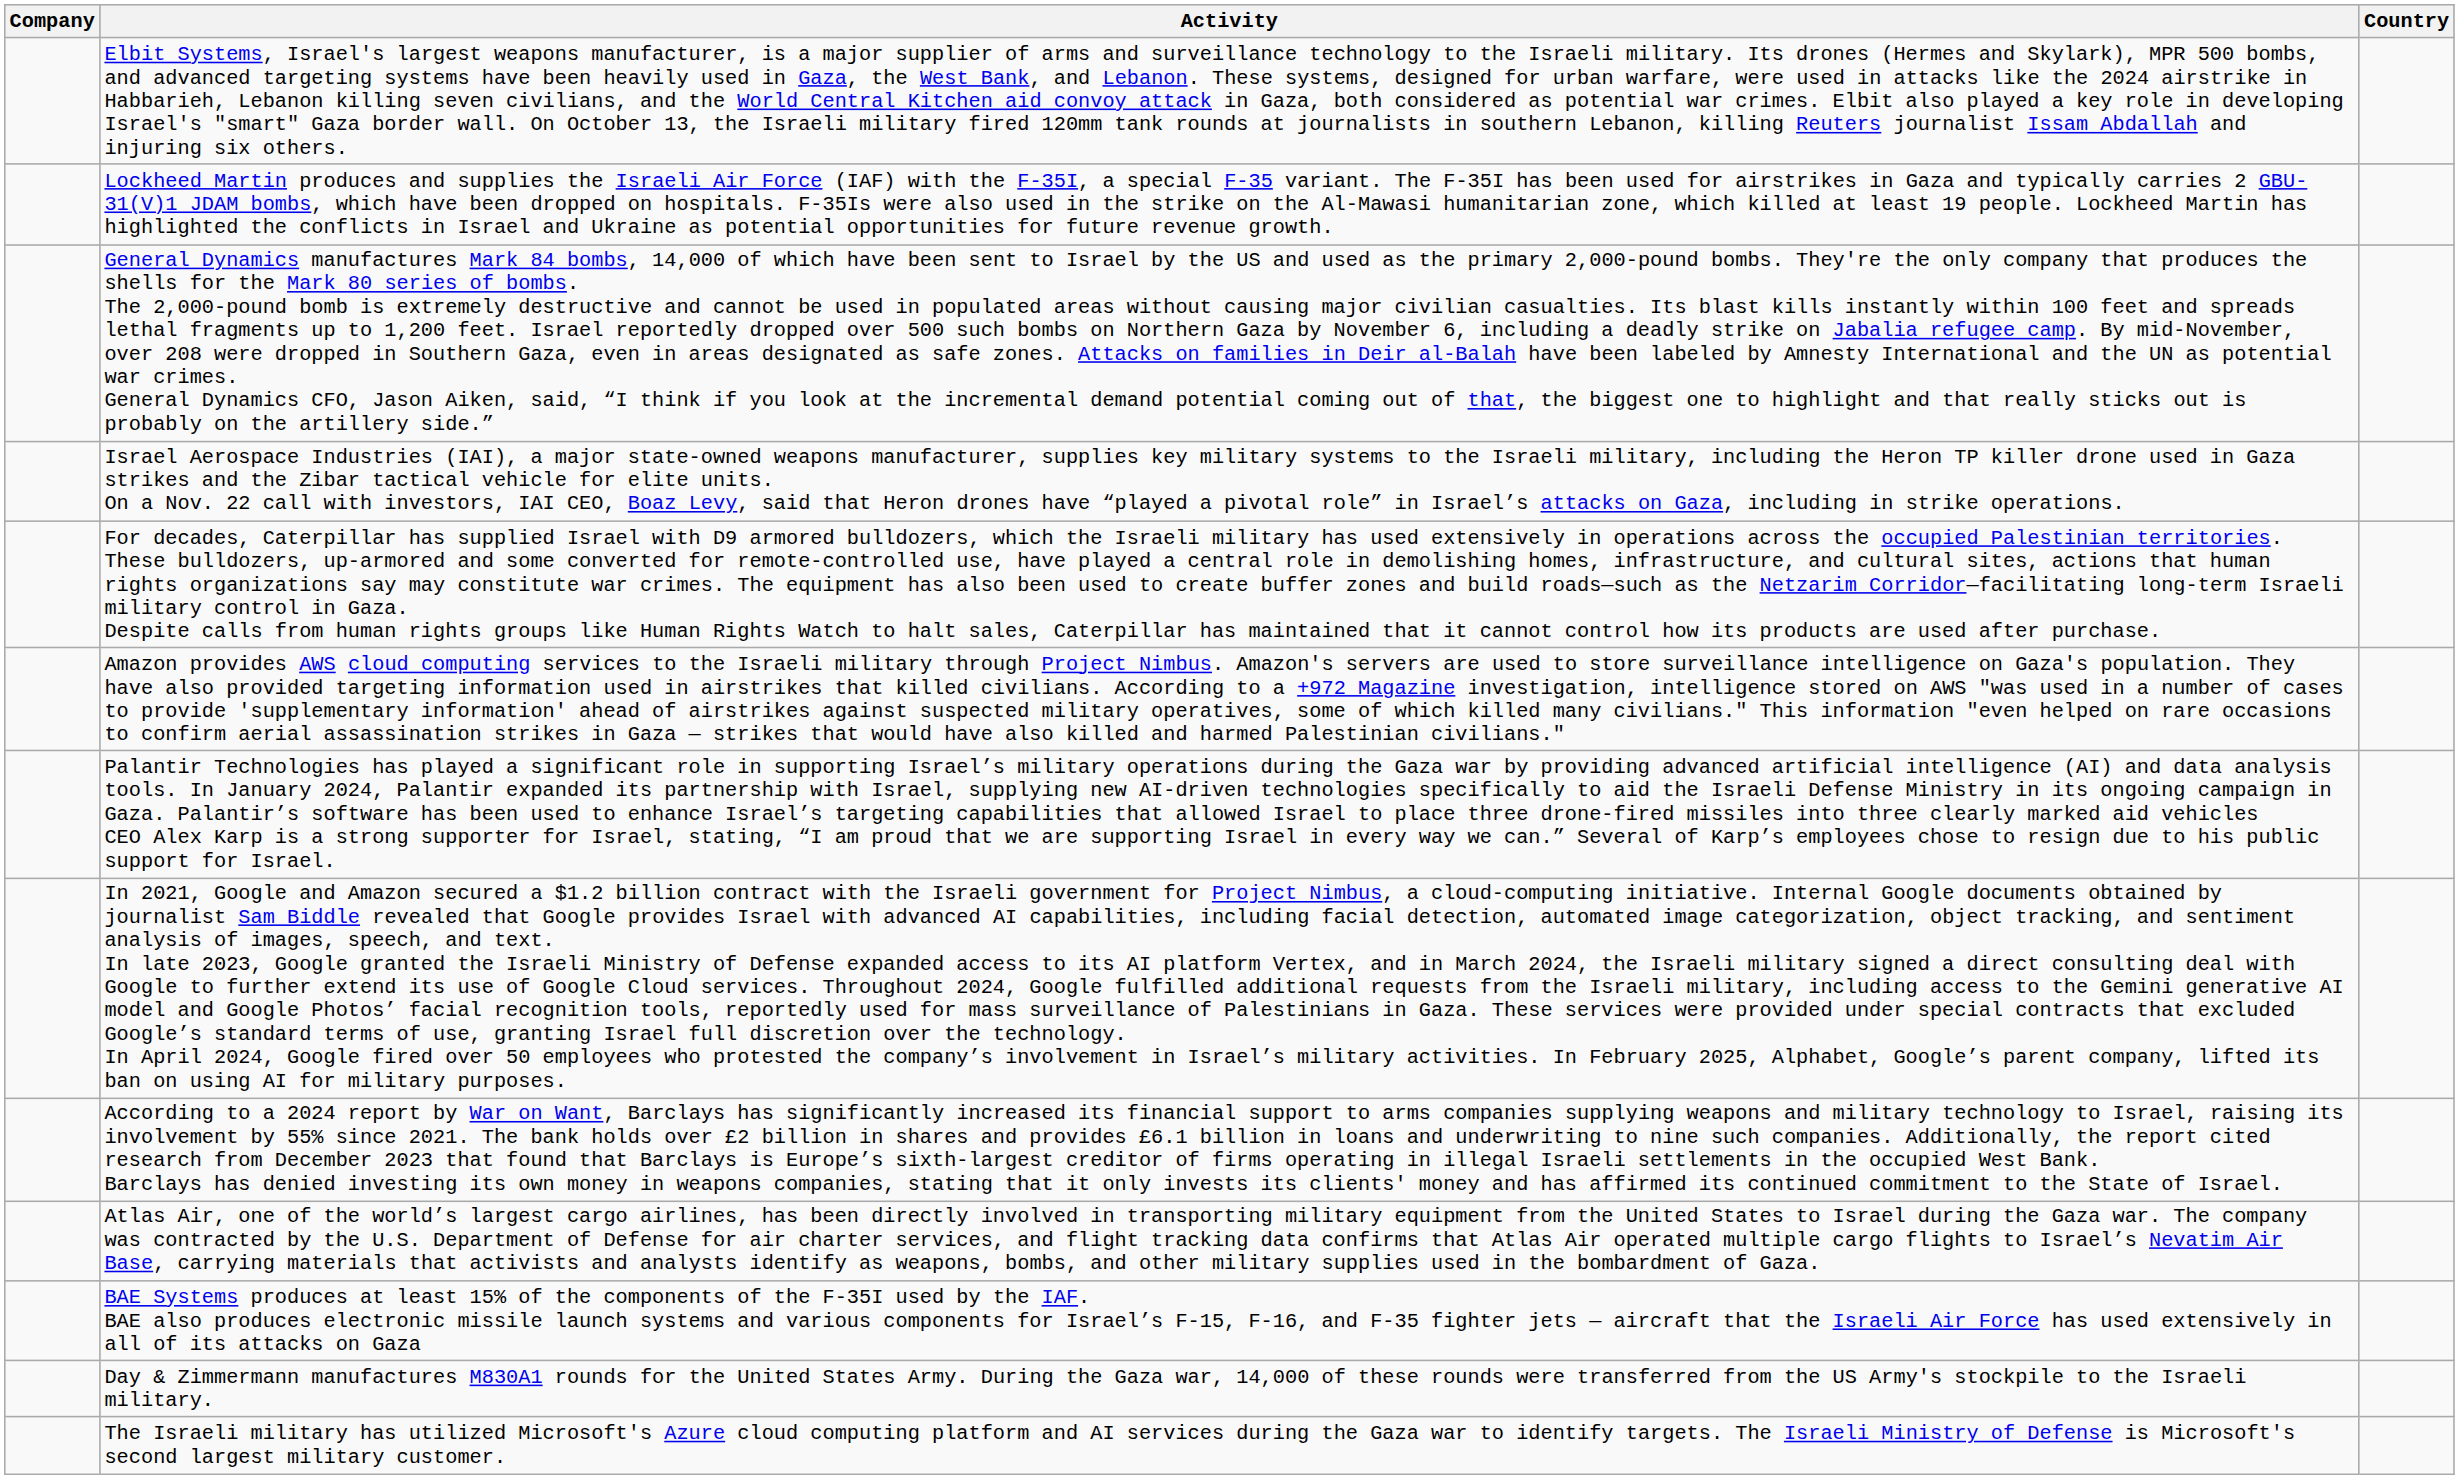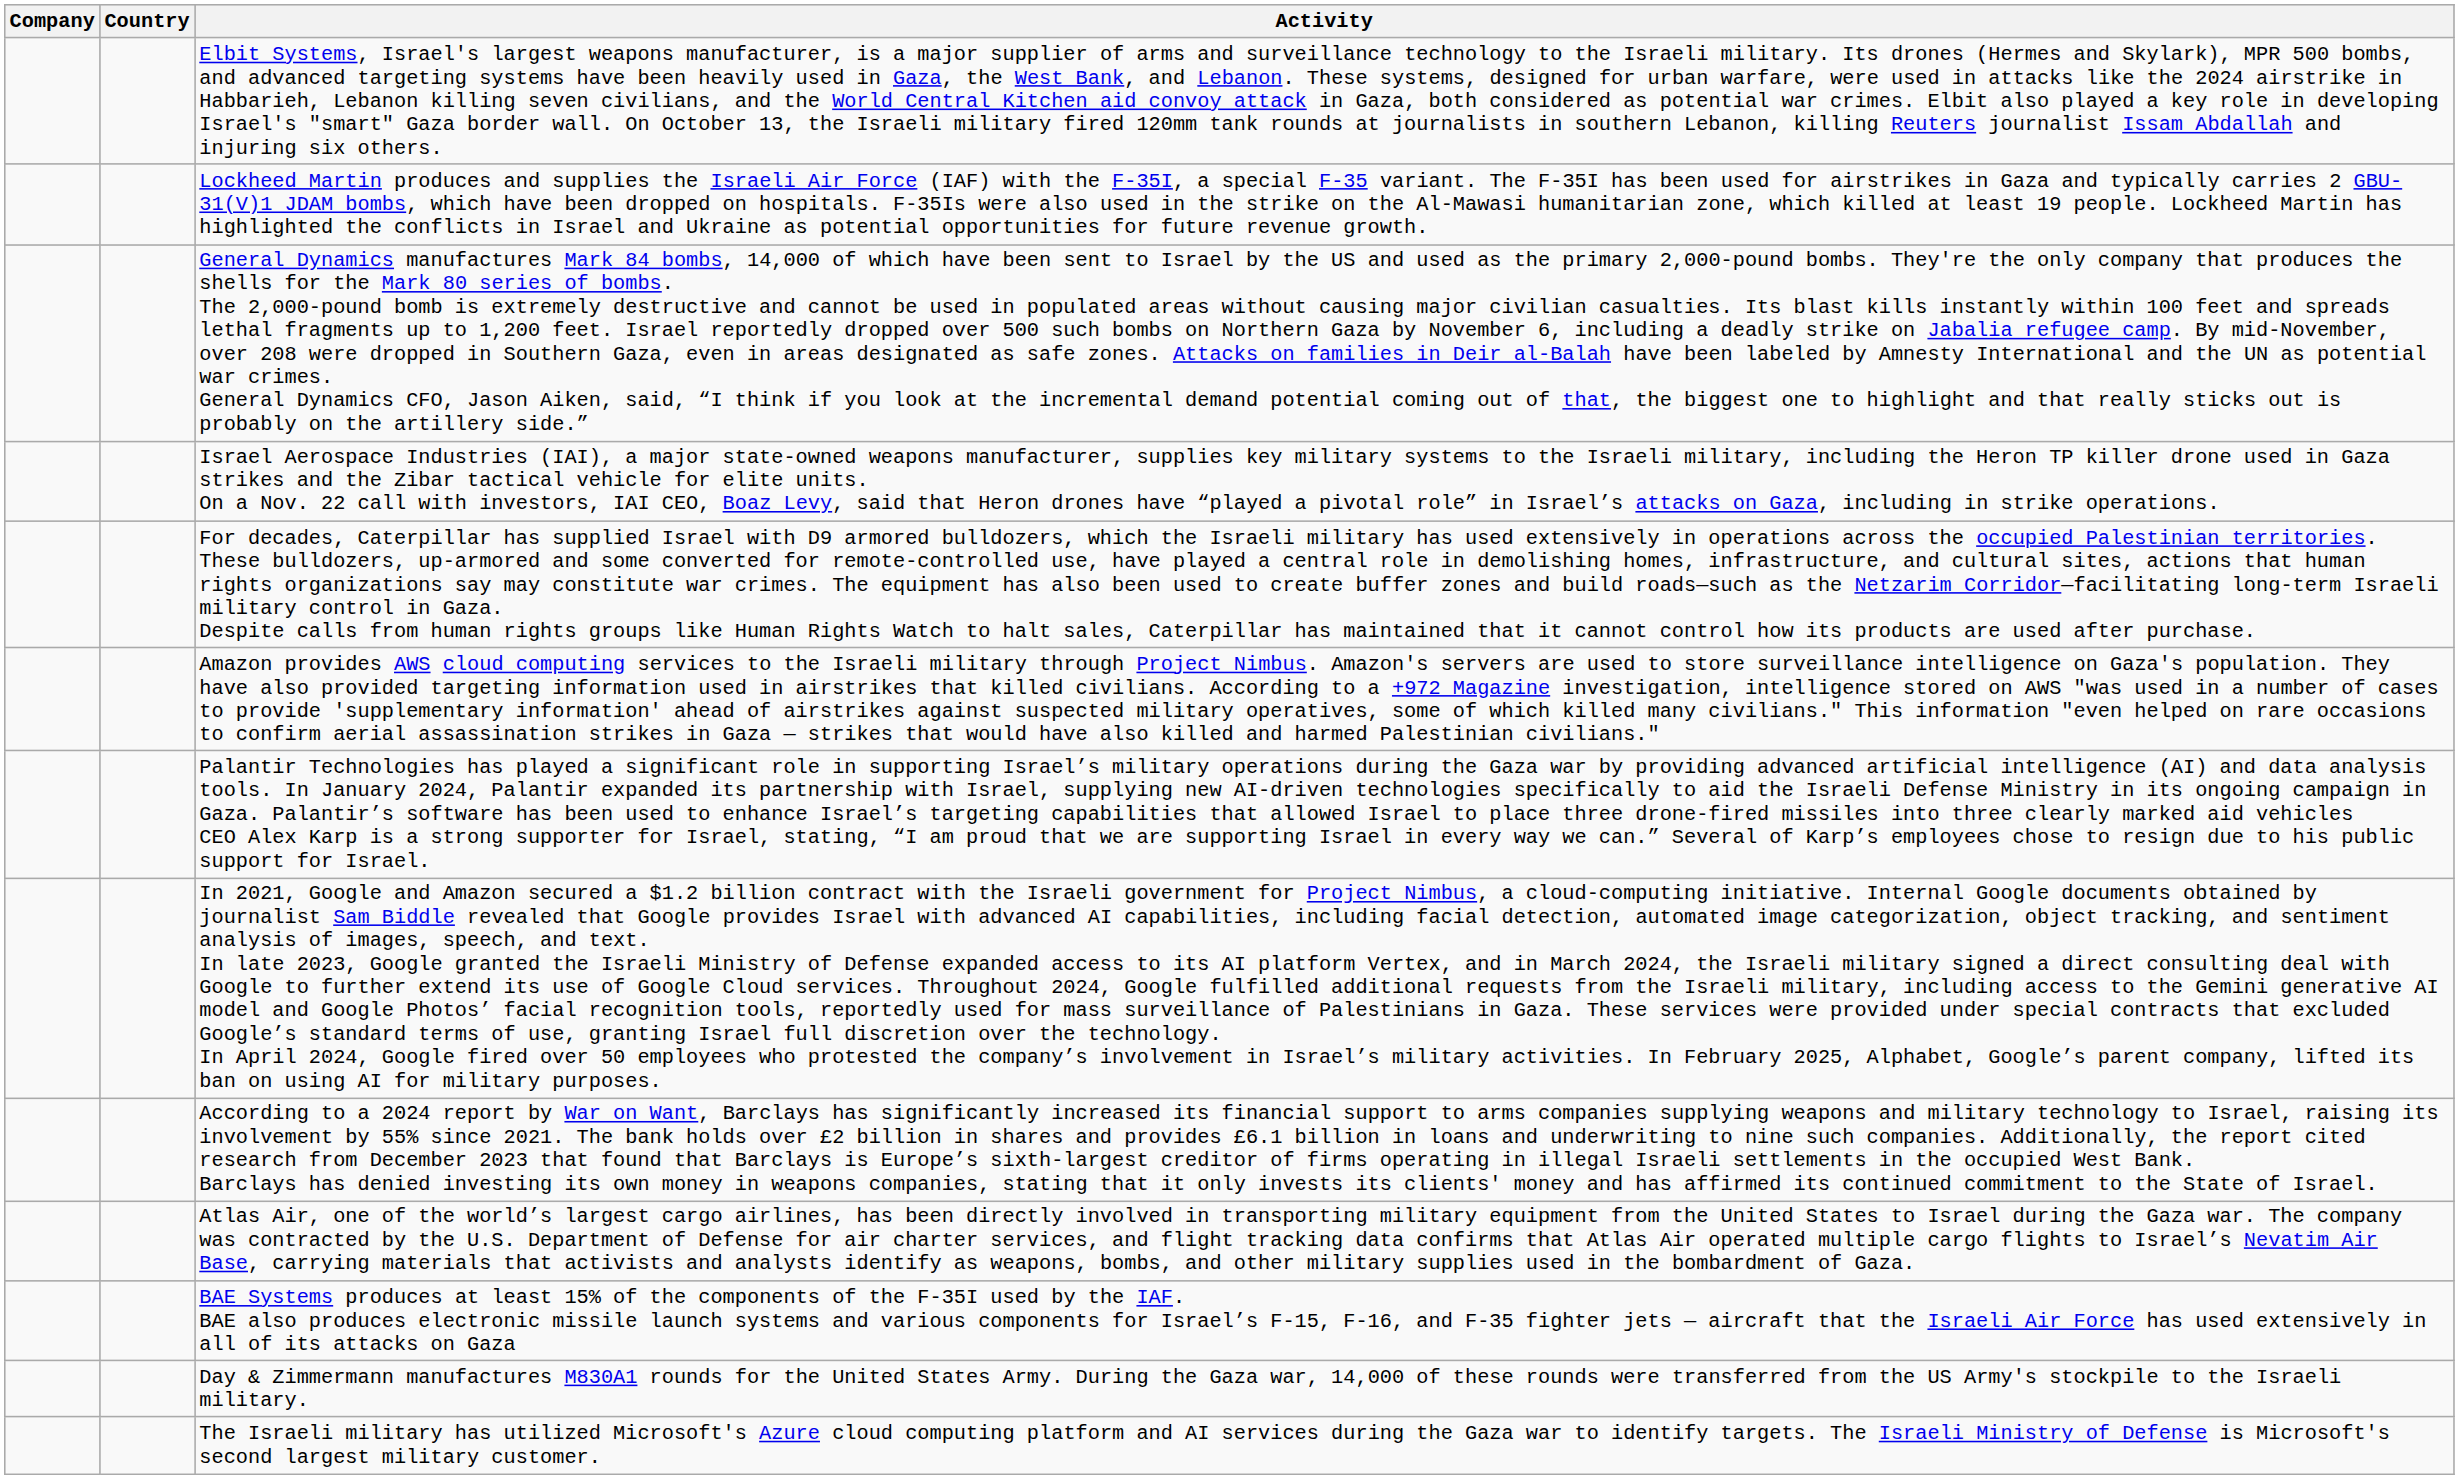 <table class="sortable wikitable" border="1">
 <tr>
 <th width=0>Company</th>
+<th width=0>Country</th>
 <th class="unsortable">Activity</th>
-<th width=0>Country</th>
 </tr>
 <tr>
 <td></td>
+<td></td>
 <td><a href='#'>Elbit Systems</a>, Israel's largest weapons manufacturer, is a major supplier of arms and surveillance technology to the Israeli military. Its drones (Hermes and Skylark), MPR 500 bombs, and advanced targeting systems have been heavily used in <a href='#'>Gaza</a>, the <a href='#'>West Bank</a>, and <a href='#'>Lebanon</a>. These systems, designed for urban warfare, were used in attacks like the 2024 airstrike in Habbarieh, Lebanon killing seven civilians, and the <a href='#'>World Central Kitchen aid convoy attack</a> in Gaza, both considered as potential war crimes. Elbit also played a key role in developing Israel's "smart" Gaza border wall. On October 13, the Israeli military fired 120mm tank rounds at journalists in southern Lebanon, killing <a href='#'>Reuters</a> journalist <a href='#'>Issam Abdallah</a> and injuring six others.</td>
-<td></td>
 </tr>
 <tr>
 <td></td>
+<td></td>
 <td><a href='#'>Lockheed Martin</a> produces and supplies the <a href='#'>Israeli Air Force</a> (IAF) with the <a href='#'>F-35I</a>, a special <a href='#'>F-35</a> variant. The F-35I has been used for airstrikes in Gaza and typically carries 2 <a href='#'>GBU-31(V)1 JDAM bombs</a>, which have been dropped on hospitals. F-35Is were also used in the strike on the Al-Mawasi humanitarian zone, which killed at least 19 people. Lockheed Martin has highlighted the conflicts in Israel and Ukraine as potential opportunities for future revenue growth.</td>
-<td></td>
 </tr>
 <tr>
 <td></td>
+<td></td>
 <td><a href='#'>General Dynamics</a> manufactures <a href='#'>Mark 84 bombs</a>, 14,000 of which have been sent to Israel by the US and used as the primary 2,000-pound bombs. They're the only company that produces the shells for the <a href='#'>Mark 80 series of bombs</a>.<br>The 2,000-pound bomb is extremely destructive and cannot be used in populated areas without causing major civilian casualties. Its blast kills instantly within 100 feet  and spreads lethal fragments up to 1,200 feet. Israel reportedly dropped over 500 such bombs on Northern Gaza by November 6, including a deadly strike on <a href='#'>Jabalia refugee camp</a>. By mid-November, over 208 were dropped in Southern Gaza, even in areas designated as safe zones. <a href='#'>Attacks on families in Deir al-Balah</a> have been labeled by Amnesty International and the UN as potential war crimes. <br>General Dynamics CFO, Jason Aiken, said, “I think if you look at the incremental demand potential coming out of <a href='#'>that</a>, the biggest one to highlight and that really sticks out is probably on the artillery side.”</td>
-<td></td>
 </tr>
 <tr>
 <td></td>
+<td></td>
 <td>Israel Aerospace Industries (IAI), a major state-owned weapons manufacturer, supplies key military systems to the Israeli military, including the Heron TP killer drone used in Gaza strikes and the Zibar tactical vehicle for elite units.<br>On a Nov. 22 call with investors, IAI CEO, <a href='#'>Boaz Levy</a>, said that Heron drones have “played a pivotal role” in Israel’s <a href='#'>attacks on Gaza</a>, including in strike operations.</td>
-<td></td>
 </tr>
 <tr>
 <td></td>
+<td></td>
 <td>For decades, Caterpillar has supplied Israel with D9 armored bulldozers, which the Israeli military has used extensively in operations across the <a href='#'>occupied Palestinian territories</a>.<br>These bulldozers, up-armored and some converted for remote-controlled use, have played a central role in demolishing homes, infrastructure, and cultural sites, actions that human rights organizations say may constitute war crimes. The equipment has also been used to create buffer zones and build roads—such as the <a href='#'>Netzarim Corridor</a>—facilitating long-term Israeli military control in Gaza.<br>Despite calls from human rights groups like Human Rights Watch to halt sales, Caterpillar has maintained that it cannot control how its products are used after purchase.</td>
-<td></td>
 </tr>
 <tr>
 <td></td>
+<td></td>
 <td>Amazon provides <a href='#'>AWS</a> <a href='#'>cloud computing</a> services to the Israeli military through <a href='#'>Project Nimbus</a>. Amazon's servers are used to store surveillance intelligence on Gaza's population. They have also provided targeting information used in airstrikes that killed civilians. According to a <a href='#'>+972 Magazine</a> investigation, intelligence stored on AWS "was used in a number of cases to provide 'supplementary information' ahead of airstrikes against suspected military operatives, some of which killed many civilians." This information "even helped on rare occasions to confirm aerial assassination strikes in Gaza — strikes that would have also killed and harmed Palestinian civilians."</td>
-<td></td>
 </tr>
 <tr>
 <td></td>
+<td></td>
 <td>Palantir Technologies has played a significant role in supporting Israel’s military operations during the Gaza war by providing advanced artificial intelligence (AI) and data analysis tools. In January 2024, Palantir expanded its partnership with Israel, supplying new AI-driven technologies specifically to aid the Israeli Defense Ministry in its ongoing campaign in Gaza. Palantir’s software has been used to enhance Israel’s targeting capabilities that allowed Israel to place three drone-fired missiles into three clearly marked aid vehicles<br>CEO Alex Karp is a strong supporter for Israel, stating, “I am proud that we are supporting Israel in every way we can.” Several of Karp’s employees chose to resign  due to his public support for Israel.</td>
-<td></td>
 </tr>
 <tr>
 <td></td>
+<td></td>
 <td>In 2021, Google and Amazon secured a $1.2 billion contract with the Israeli government for <a href='#'>Project Nimbus</a>, a cloud-computing initiative. Internal Google documents obtained by journalist <a href='#'>Sam Biddle</a> revealed that Google provides Israel with advanced AI capabilities, including facial detection, automated image categorization, object tracking, and sentiment analysis of images, speech, and text.<br>In late 2023, Google granted the Israeli Ministry of Defense expanded access to its AI platform Vertex, and in March 2024, the Israeli military signed a direct consulting deal with Google to further extend its use of Google Cloud services. Throughout 2024, Google fulfilled additional requests from the Israeli military, including access to the Gemini generative AI model and Google Photos’ facial recognition tools, reportedly used for mass surveillance of Palestinians in Gaza. These services were provided under special contracts that excluded Google’s standard terms of use, granting Israel full discretion over the technology. <br>In April 2024, Google fired over 50 employees who protested the company’s involvement in Israel’s military activities. In February 2025, Alphabet, Google’s parent company, lifted its ban on using AI for military purposes.</td>
-<td></td>
 </tr>
 <tr>
 <td></td>
+<td></td>
 <td>According to a 2024 report by <a href='#'>War on Want</a>, Barclays has significantly increased its financial support to arms companies supplying weapons and military technology to Israel, raising its involvement by 55% since 2021. The bank holds over £2 billion in shares and provides £6.1 billion in loans and underwriting to nine such companies. Additionally, the report cited research from December 2023 that found that Barclays is Europe’s sixth-largest creditor of firms operating in illegal Israeli settlements in the occupied West Bank.<br>Barclays has denied investing its own money in weapons companies, stating that it only invests its clients' money and has affirmed its continued commitment to the State of Israel.</td>
-<td></td>
 </tr>
 <tr>
 <td></td>
+<td></td>
 <td>Atlas Air, one of the world’s largest cargo airlines, has been directly involved in transporting military equipment from the United States to Israel during the Gaza war. The company was contracted by the U.S. Department of Defense for air charter services, and flight tracking data confirms that Atlas Air operated multiple cargo flights to Israel’s <a href='#'>Nevatim Air Base</a>, carrying materials that activists and analysts identify as weapons, bombs, and other military supplies used in the bombardment of Gaza. </td>
-<td></td>
 </tr>
 <tr>
 <td></td>
+<td></td>
 <td><a href='#'>BAE Systems</a> produces at least 15% of the components of the F-35I used by the <a href='#'>IAF</a>.<br>BAE also produces electronic missile launch systems and various components for Israel’s F-15, F-16, and F-35 fighter jets — aircraft that the <a href='#'>Israeli Air Force</a> has used extensively in all of its attacks on Gaza</td>
-<td></td>
 </tr>
 <tr>
 <td></td>
+<td></td>
 <td>Day & Zimmermann manufactures <a href='#'>M830A1</a> rounds for the United States Army. During the Gaza war, 14,000 of these rounds were transferred from the US Army's stockpile to the Israeli military.</td>
-<td></td>
 </tr>
 <tr>
 <td></td>
+<td></td>
 <td>The Israeli military has utilized Microsoft's <a href='#'>Azure</a> cloud computing platform and AI services during the Gaza war to identify targets. The <a href='#'>Israeli Ministry of Defense</a> is Microsoft's second largest military customer.</td>
-<td></td>
 </tr>
 </table>
